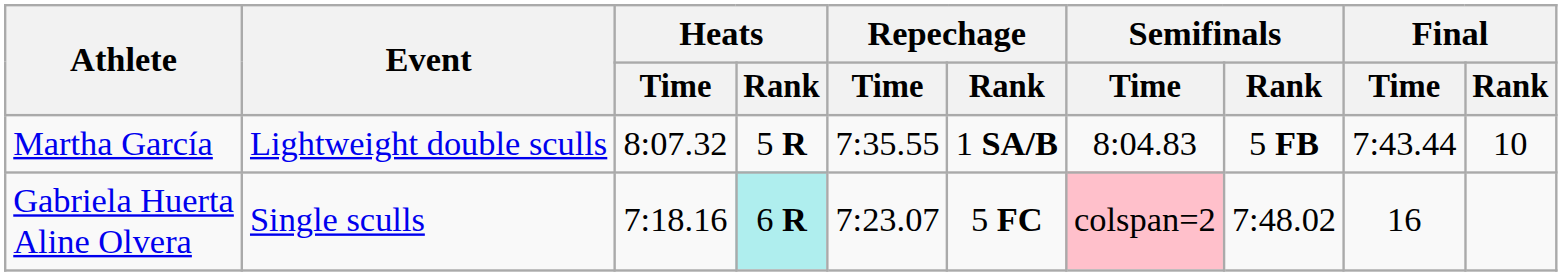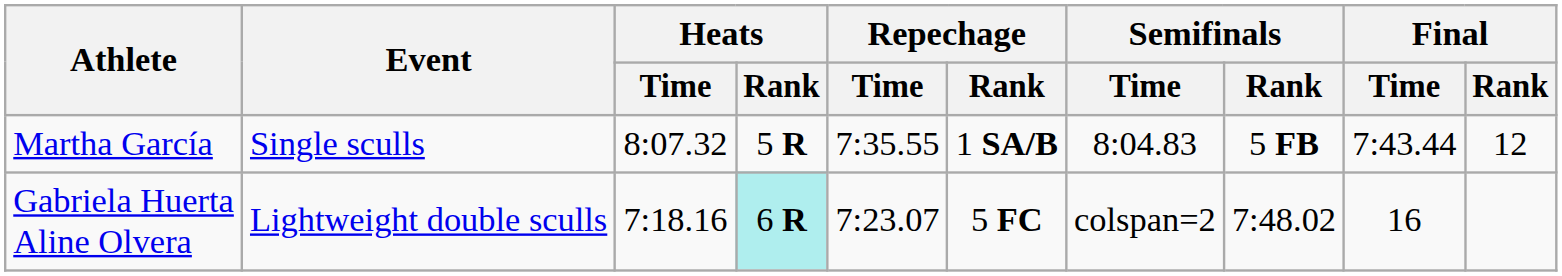 <table class="wikitable" style="font-size:90%;">
 <tr>
 <th rowspan="2">Athlete</th>
 <th rowspan="2">Event</th>
 <th colspan="2">Heats</th>
 <th colspan="2">Repechage</th>
 <th colspan="2">Semifinals</th>
 <th colspan="2">Final</th>
 </tr>
 <tr style="font-size:95%">
 <th>Time</th>
 <th>Rank</th>
 <th>Time</th>
 <th>Rank</th>
 <th>Time</th>
 <th>Rank</th>
 <th>Time</th>
 <th>Rank</th>
 </tr>
 <tr align=center>
 <td align=left><a href='#'>Martha García</a></td>
-<td align=left><a href='#'>Lightweight double sculls</a></td>
+<td align=left><a href='#'>Single sculls</a></td>
 <td>8:07.32</td>
 <td>5 <strong>R</strong></td>
 <td>7:35.55</td>
 <td>1 <strong>SA/B</strong></td>
 <td>8:04.83</td>
 <td>5 <strong>FB</strong></td>
 <td>7:43.44</td>
-<td>10</td>
+<td>12</td>
 </tr>
 <tr align=center>
 <td align=left><a href='#'>Gabriela Huerta</a><br><a href='#'>Aline Olvera</a></td>
-<td align=left><a href='#'>Single sculls</a></td>
+<td align=left><a href='#'>Lightweight double sculls</a></td>
 <td>7:18.16</td>
 <td style="background: paleturquoise;">6 <strong>R</strong></td>
 <td>7:23.07</td>
 <td>5 <strong>FC</strong></td>
-<td style="background: pink;">colspan=2 </td>
+<td>colspan=2 </td>
 <td>7:48.02</td>
 <td>16</td>
 </tr>
 </table>
